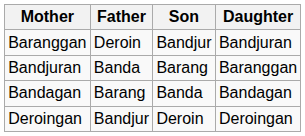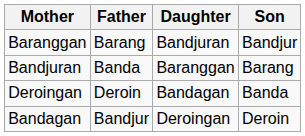 <table class="wikitable">
 <tr>
 <th>Mother</th>
 <th>Father</th>
+<th>Daughter</th>
 <th>Son</th>
-<th>Daughter</th>
 </tr>
 <tr>
 <td>Baranggan</td>
-<td>Deroin</td>
+<td>Barang</td>
+<td>Bandjuran</td>
 <td>Bandjur</td>
-<td>Bandjuran</td>
 </tr>
 <tr>
 <td>Bandjuran</td>
 <td>Banda</td>
+<td>Baranggan</td>
 <td>Barang</td>
-<td>Baranggan</td>
+</tr>
+<tr>
+<td>Deroingan</td>
+<td>Deroin</td>
+<td>Bandagan</td>
+<td>Banda</td>
 </tr>
 <tr>
 <td>Bandagan</td>
-<td>Barang</td>
-<td>Banda</td>
-<td>Bandagan</td>
-</tr>
-<tr>
+<td>Bandjur</td>
 <td>Deroingan</td>
-<td>Bandjur</td>
 <td>Deroin</td>
-<td>Deroingan</td>
 </tr>
 </table>
